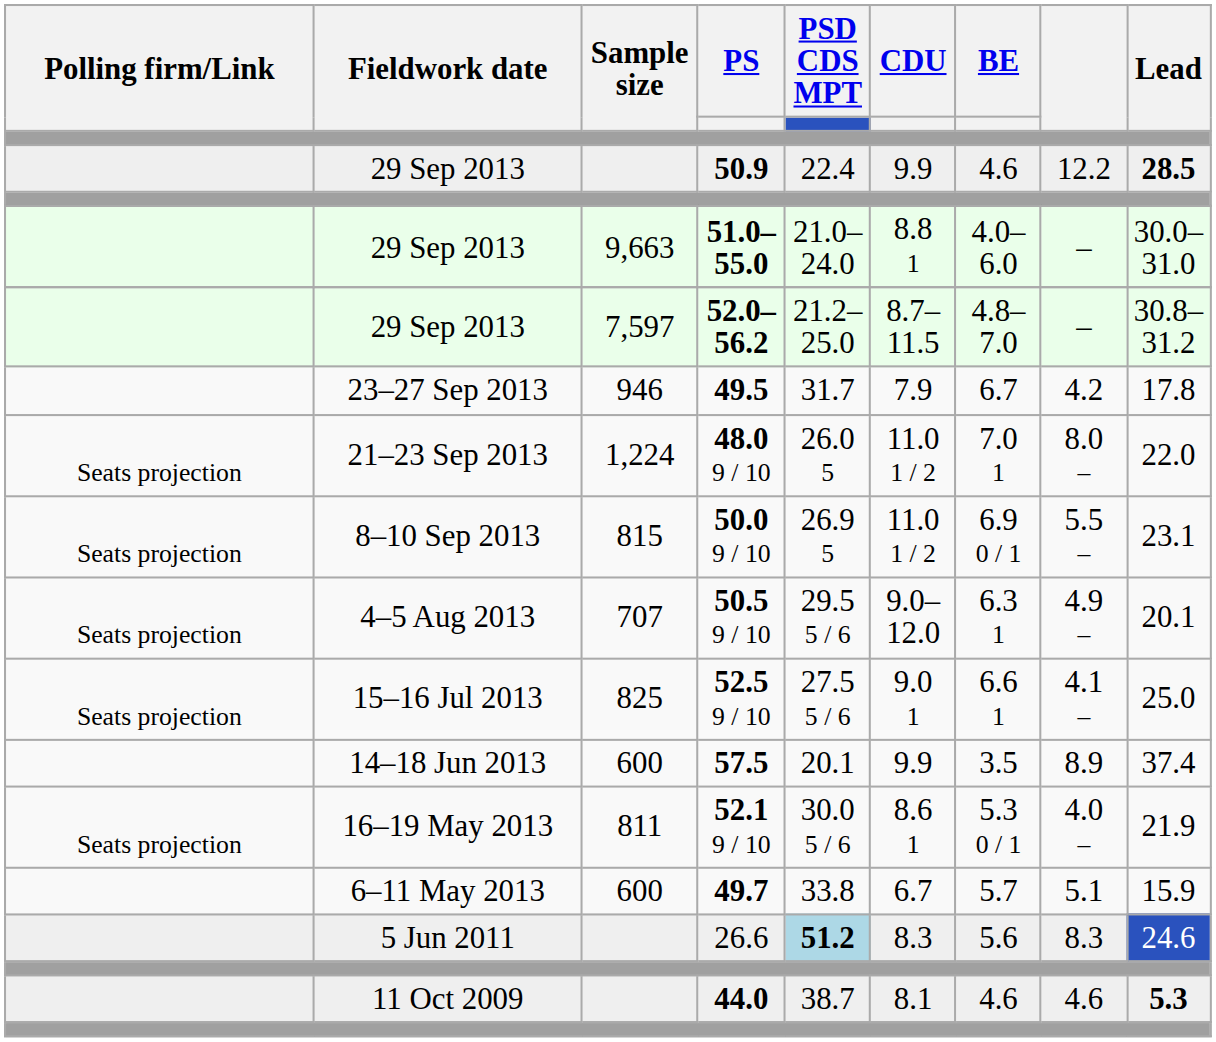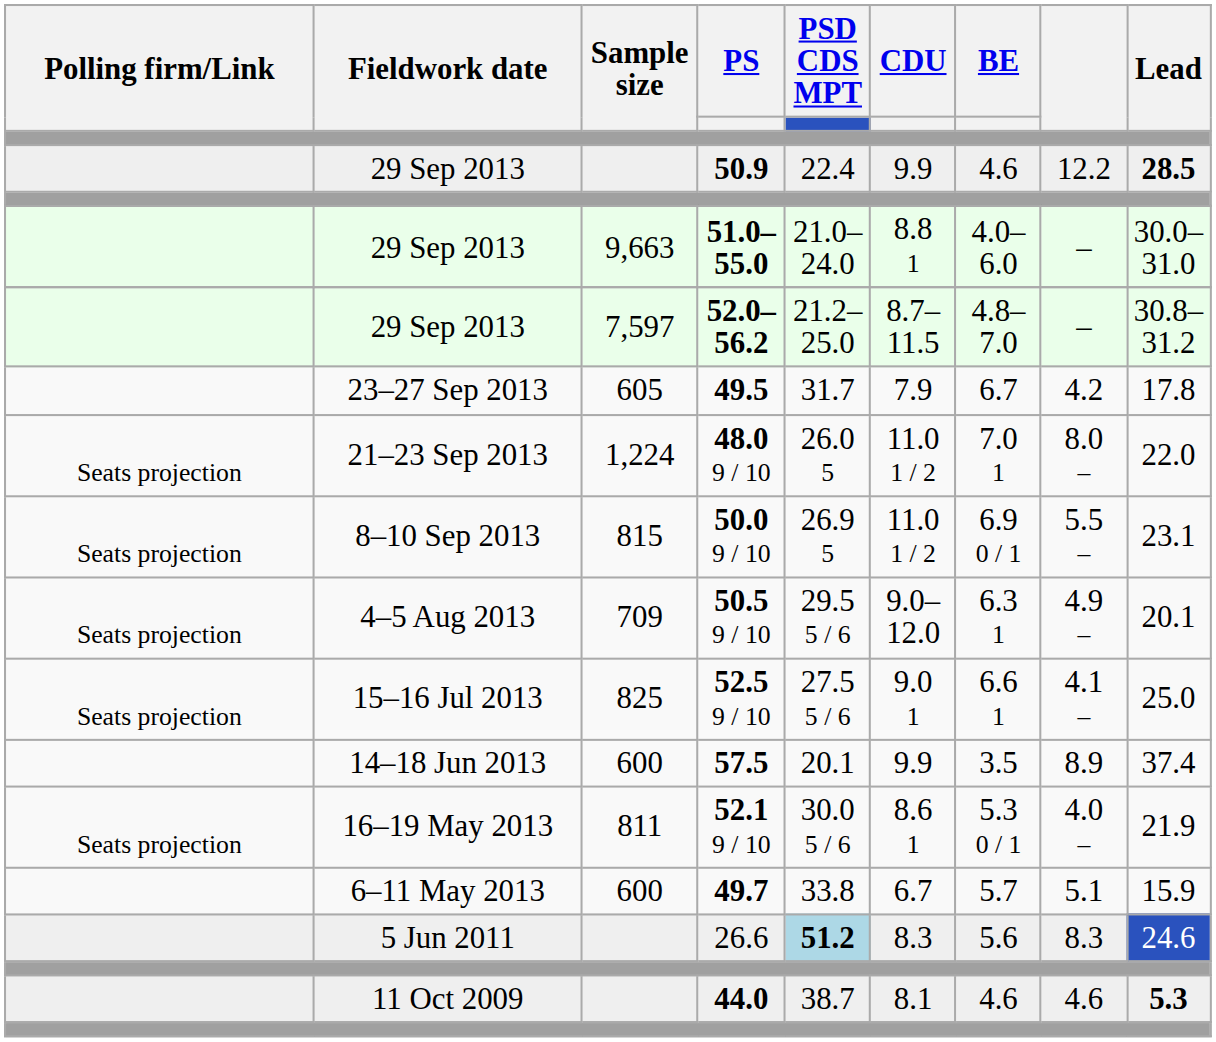 <table class="wikitable collapsible sortable" style="text-align:center; font-size:95%; line-height:16px;">
 <tr style="height:42px;">
 <th style="width:145px;" rowspan="2">Polling firm/Link</th>
 <th style="width:125px;" rowspan="2">Fieldwork date</th>
 <th class="unsortable" style="width:50px;" rowspan="2">Sample size</th>
 <th class="unsortable" style="width:36px;"><a href='#'>PS</a></th>
 <th class="unsortable" style="width:35px;"><a href='#'>PSD</a><br><a href='#'>CDS</a><br><a href='#'>MPT</a></th>
 <th class="unsortable" style="width:35px;"><a href='#'>CDU</a></th>
 <th class="unsortable" style="width:35px;"><a href='#'>BE</a></th>
 <th class="unsortable" style="width:35px;" rowspan="2"></th>
 <th class="unsortable" style="width:30px;" rowspan="2">Lead</th>
 </tr>
 <tr>
 <th class="unsortable" style="color:inherit;background:"></th>
 <th class="unsortable" style="color:inherit;background:#2A52BE;"></th>
 <th class="unsortable" style="color:inherit;background:"></th>
 <th class="unsortable" style="color:inherit;background:"></th>
 </tr>
 <tr>
 <td colspan="12" style="background:#A0A0A0"></td>
 </tr>
 <tr style="background:#EFEFEF;">
 <td><strong></strong></td>
 <td data-sort-value="2019-10-06">29 Sep 2013</td>
 <td></td>
 <td><strong>50.9</strong><br></td>
 <td>22.4<br></td>
 <td>9.9<br></td>
 <td>4.6<br></td>
 <td>12.2<br></td>
 <td style="background:"><strong>28.5</strong></td>
 </tr>
 <tr>
 <td colspan="12" style="background:#A0A0A0"></td>
 </tr>
 <tr>
 </tr>
 <tr style="background:#EAFFEA"|>
 <td></td>
 <td data-sort-value="2019-10-06">29 Sep 2013</td>
 <td>9,663</td>
 <td><strong>51.0–<br>55.0</strong><br></td>
 <td>21.0–<br>24.0<br></td>
 <td align="center">8.8<br><small>1</small></td>
 <td>4.0–<br>6.0<br></td>
 <td>–</td>
 <td style="background:">30.0–<br>31.0</td>
 </tr>
 <tr>
 </tr>
 <tr style="background:#EAFFEA"|>
 <td></td>
 <td data-sort-value="2019-10-06">29 Sep 2013</td>
 <td>7,597</td>
 <td><strong>52.0–<br>56.2</strong><br></td>
 <td>21.2–<br>25.0<br></td>
 <td>8.7–<br>11.5<br></td>
 <td>4.8–<br>7.0<br></td>
 <td>–</td>
 <td style="background:">30.8–<br>31.2</td>
 </tr>
 <tr>
 <td align="center"></td>
 <td align="center">23–27 Sep 2013</td>
-<td>946</td>
+<td>605</td>
 <td align="center" ><strong>49.5</strong></td>
 <td align="center">31.7</td>
 <td align="center">7.9</td>
 <td align="center">6.7</td>
 <td align="center">4.2</td>
 <td style="background:">17.8</td>
 </tr>
 <tr>
 <td align="center"><br><small>Seats projection</small></td>
 <td align="center">21–23 Sep 2013</td>
 <td>1,224</td>
 <td align="center" ><strong>48.0</strong><br><small>9 / 10</small></td>
 <td align="center">26.0<br><small>5</small></td>
 <td align="center">11.0<br><small>1 / 2</small></td>
 <td align="center">7.0<br><small>1 </small></td>
 <td align="center">8.0<br><small> – </small></td>
 <td style="background:">22.0</td>
 </tr>
 <tr>
 <td align="center"><br><small>Seats projection</small></td>
 <td align="center">8–10 Sep 2013</td>
 <td>815</td>
 <td align="center" ><strong>50.0</strong><br><small>9 / 10</small></td>
 <td align="center">26.9<br><small>5</small></td>
 <td align="center">11.0<br><small>1 / 2</small></td>
 <td align="center">6.9<br><small>0 / 1</small></td>
 <td align="center">5.5<br><small> – </small></td>
 <td style="background:">23.1</td>
 </tr>
 <tr>
 <td align="center"><br><small>Seats projection</small></td>
 <td align="center">4–5 Aug 2013</td>
-<td>707</td>
+<td>709</td>
 <td align="center" ><strong>50.5</strong><br><small>9 / 10 </small></td>
 <td align="center">29.5<br><small>5 / 6 </small></td>
 <td>9.0–<br>12.0<br></td>
 <td align="center">6.3<br><small>1</small></td>
 <td align="center">4.9<br><small> – </small></td>
 <td style="background:">20.1</td>
 </tr>
 <tr>
 <td align="center"><br><small>Seats projection</small></td>
 <td align="center">15–16 Jul 2013</td>
 <td>825</td>
 <td align="center" ><strong>52.5</strong><br><small>9 / 10 </small></td>
 <td align="center">27.5<br><small>5 / 6 </small></td>
 <td align="center">9.0<br><small>1</small></td>
 <td align="center">6.6<br><small>1 </small></td>
 <td align="center">4.1<br><small> – </small></td>
 <td style="background:">25.0</td>
 </tr>
 <tr>
 <td align="center"></td>
 <td align="center">14–18 Jun 2013</td>
 <td>600</td>
 <td align="center" ><strong>57.5</strong></td>
 <td align="center">20.1</td>
 <td align="center">9.9</td>
 <td align="center">3.5</td>
 <td align="center">8.9</td>
 <td style="background:">37.4</td>
 </tr>
 <tr>
 <td align="center"><br><small>Seats projection</small></td>
 <td align="center">16–19 May 2013</td>
 <td>811</td>
 <td align="center" ><strong>52.1</strong><br><small>9 / 10 </small></td>
 <td align="center">30.0<br><small>5 / 6 </small></td>
 <td align="center">8.6<br><small>1</small></td>
 <td align="center">5.3<br><small>0 / 1</small></td>
 <td align="center">4.0<br><small> – </small></td>
 <td style="background:">21.9</td>
 </tr>
 <tr>
 <td align="center"></td>
 <td align="center">6–11 May 2013</td>
 <td>600</td>
 <td align="center" ><strong>49.7</strong></td>
 <td align="center">33.8</td>
 <td align="center">6.7</td>
 <td align="center">5.7</td>
 <td align="center">5.1</td>
 <td style="background:">15.9</td>
 </tr>
 <tr style="background:#EFEFEF;">
 <td><strong></strong></td>
 <td>5 Jun 2011</td>
 <td></td>
 <td>26.6<br></td>
 <td style="background:lightblue;"><strong>51.2</strong><br></td>
 <td>8.3<br></td>
 <td>5.6<br></td>
 <td>8.3<br></td>
 <td style="background:#2A52BE; color:white;">24.6</td>
 </tr>
 <tr>
 <td colspan="11" style="background:#A0A0A0"></td>
 </tr>
 <tr style="background:#EFEFEF;">
 <td><strong></strong></td>
 <td data-sort-value="2019-10-06">11 Oct 2009</td>
 <td></td>
 <td><strong>44.0</strong><br></td>
 <td>38.7<br></td>
 <td>8.1<br></td>
 <td>4.6<br></td>
 <td>4.6<br></td>
 <td style="background:"><strong>5.3</strong></td>
 </tr>
 <tr>
 <td colspan="11" style="background:#A0A0A0"></td>
 </tr>
 </table>
